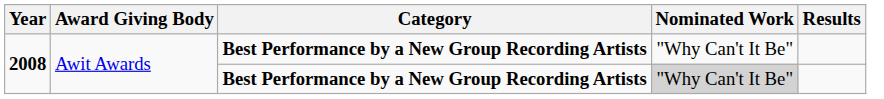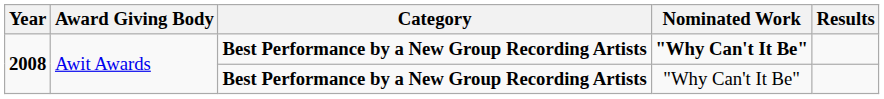 <table class="wikitable">
 <tr>
 <th>Year</th>
 <th>Award Giving Body</th>
 <th>Category</th>
 <th>Nominated Work</th>
 <th>Results</th>
 </tr>
 <tr>
 <td rowspan=2><strong>2008</strong></td>
 <td rowspan=2><a href='#'>Awit Awards</a></td>
 <td><strong>Best Performance by a New Group Recording Artists</strong> </td>
-<td align=center>"Why Can't It Be"</td>
+<td align=center><strong>"Why Can't It Be"</strong></td>
 <td></td>
 </tr>
 <tr>
 <td><strong>Best Performance by a New Group Recording Artists</strong> </td>
-<td align=center style="background: lightgrey;">"Why Can't It Be"</td>
+<td align=center>"Why Can't It Be"</td>
 <td></td>
 </tr>
 </table>
